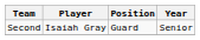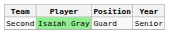 <table class="wikitable" border="1">
 <tr align=center>
 <th style=>Team</th>
 <th style=>Player</th>
 <th style=>Position</th>
 <th style=>Year</th>
 </tr>
 <tr>
 <td>Second</td>
-<td>Isaiah Gray</td>
+<td style="background: lightgreen;">Isaiah Gray</td>
 <td>Guard</td>
 <td>Senior</td>
 </tr>
 <tr>
 </tr>
 </table>
